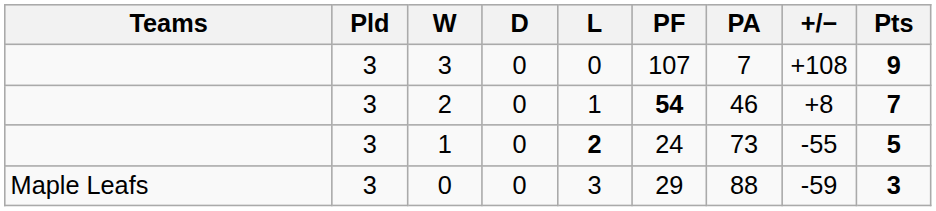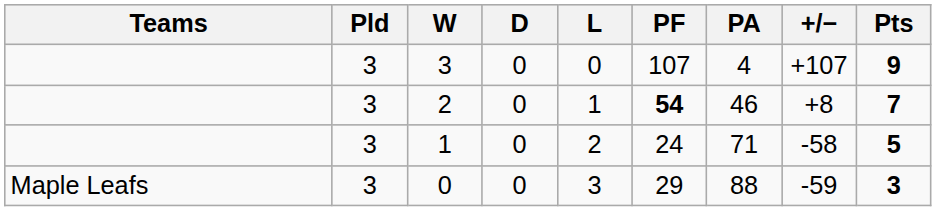 <table class="wikitable" style="text-align: center;">
 <tr>
 <th width="200">Teams</th>
 <th width="40">Pld</th>
 <th width="40">W</th>
 <th width="40">D</th>
 <th width="40">L</th>
 <th width="40">PF</th>
 <th width="40">PA</th>
 <th width="40">+/−</th>
 <th width="40">Pts</th>
 </tr>
 <tr>
 <td align=left></td>
 <td>3</td>
 <td>3</td>
 <td>0</td>
 <td>0</td>
 <td>107</td>
-<td>7</td>
-<td>+108</td>
+<td>4</td>
+<td>+107</td>
 <td><strong>9</strong></td>
 </tr>
 <tr>
 <td align=left></td>
 <td>3</td>
 <td>2</td>
 <td>0</td>
 <td>1</td>
 <td><strong>54</strong></td>
 <td>46</td>
 <td>+8</td>
 <td><strong>7</strong></td>
 </tr>
 <tr>
 <td align=left></td>
 <td>3</td>
 <td>1</td>
 <td>0</td>
-<td><strong>2</strong></td>
+<td>2</td>
 <td>24</td>
-<td>73</td>
-<td>-55</td>
+<td>71</td>
+<td>-58</td>
 <td><strong>5</strong></td>
 </tr>
 <tr>
 <td align=left> Maple Leafs</td>
 <td>3</td>
 <td>0</td>
 <td>0</td>
 <td>3</td>
 <td>29</td>
 <td>88</td>
 <td>-59</td>
 <td><strong>3</strong></td>
 </tr>
 </table>
